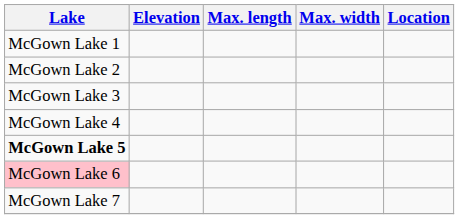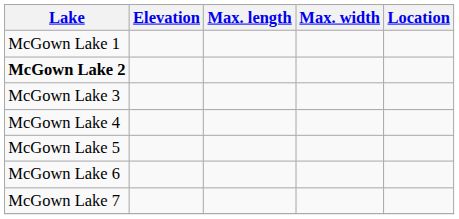 <table class="wikitable sortable">
 <tr>
 <th><a href='#'>Lake</a></th>
 <th><a href='#'>Elevation</a></th>
 <th><a href='#'>Max. length</a></th>
 <th><a href='#'>Max. width</a></th>
 <th><a href='#'>Location</a></th>
 </tr>
 <tr>
 <td>McGown Lake 1</td>
 <td></td>
 <td></td>
 <td></td>
 <td></td>
 </tr>
 <tr>
-<td>McGown Lake 2</td>
+<td><strong>McGown Lake 2</strong></td>
 <td></td>
 <td></td>
 <td></td>
 <td></td>
 </tr>
 <tr>
 <td>McGown Lake 3</td>
 <td></td>
 <td></td>
 <td></td>
 <td></td>
 </tr>
 <tr>
 <td>McGown Lake 4</td>
 <td></td>
 <td></td>
 <td></td>
 <td></td>
 </tr>
 <tr>
-<td><strong>McGown Lake 5</strong></td>
+<td>McGown Lake 5</td>
 <td></td>
 <td></td>
 <td></td>
 <td></td>
 </tr>
 <tr>
-<td style="background: pink;">McGown Lake 6</td>
+<td>McGown Lake 6</td>
 <td></td>
 <td></td>
 <td></td>
 <td></td>
 </tr>
 <tr>
 <td>McGown Lake 7</td>
 <td></td>
 <td></td>
 <td></td>
 <td></td>
 </tr>
 <tr>
 </tr>
 </table>
